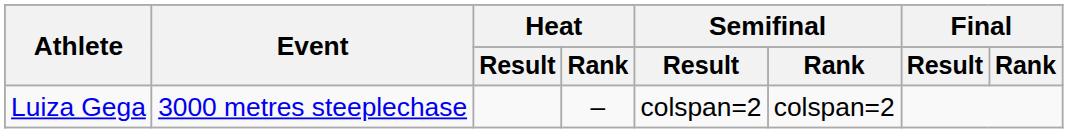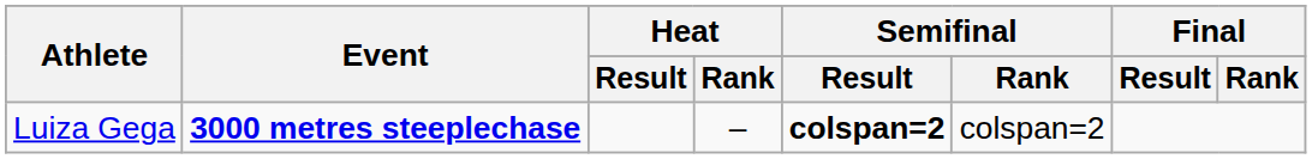 <table class=wikitable style=font-size:90%>
 <tr>
 <th rowspan=2>Athlete</th>
 <th rowspan=2>Event</th>
 <th colspan=2>Heat</th>
 <th colspan=2>Semifinal</th>
 <th colspan=2>Final</th>
 </tr>
 <tr style=font-size:95%>
 <th>Result</th>
 <th>Rank</th>
 <th>Result</th>
 <th>Rank</th>
 <th>Result</th>
 <th>Rank</th>
 </tr>
 <tr align=center>
 <td align=left><a href='#'>Luiza Gega</a></td>
-<td align=left><a href='#'>3000 metres steeplechase</a></td>
+<td align=left><strong><a href='#'>3000 metres steeplechase</a></strong></td>
 <td></td>
 <td>–</td>
-<td>colspan=2 </td>
+<td><strong>colspan=2 </strong></td>
 <td>colspan=2 </td>
 </tr>
 </table>
